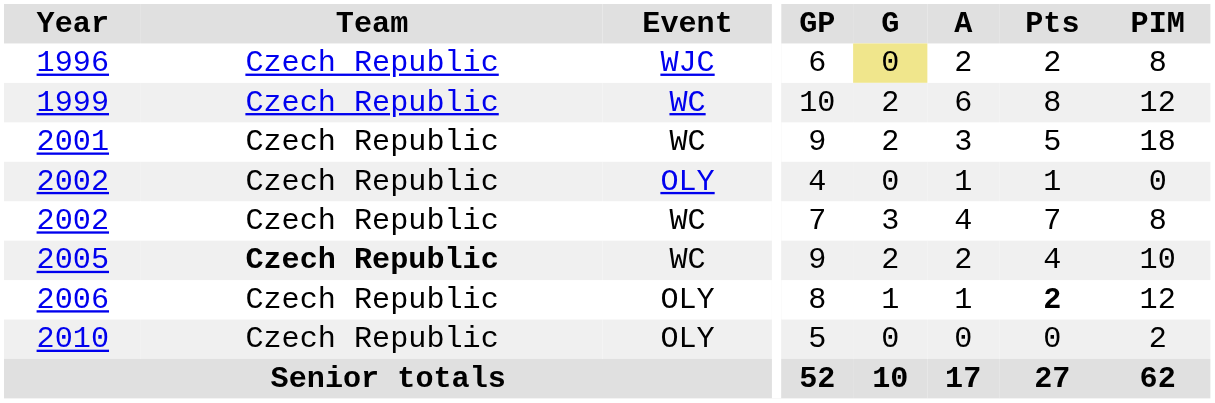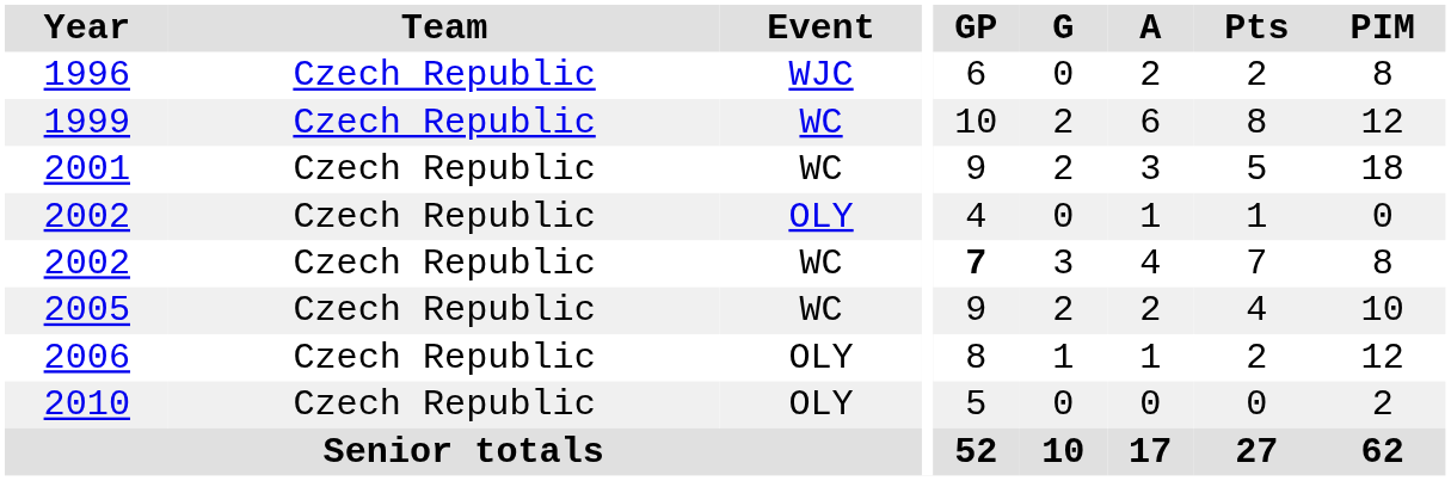 <table border="0" cellpadding="1" cellspacing="0" ID="Table3" style="text-align:center; width:40em">
 <tr bgcolor="#e0e0e0">
 <th>Year</th>
 <th>Team</th>
 <th>Event</th>
 <th rowspan="102" bgcolor="#ffffff"></th>
 <th>GP</th>
 <th>G</th>
 <th>A</th>
 <th>Pts</th>
 <th>PIM</th>
 </tr>
 <tr>
 <td><a href='#'>1996</a></td>
 <td><a href='#'>Czech Republic</a></td>
 <td><a href='#'>WJC</a></td>
 <td>6</td>
-<td style="background: khaki;">0</td>
+<td>0</td>
 <td>2</td>
 <td>2</td>
 <td>8</td>
 </tr>
 <tr bgcolor="#f0f0f0">
 <td><a href='#'>1999</a></td>
 <td><a href='#'>Czech Republic</a></td>
 <td><a href='#'>WC</a></td>
 <td>10</td>
 <td>2</td>
 <td>6</td>
 <td>8</td>
 <td>12</td>
 </tr>
 <tr>
 <td><a href='#'>2001</a></td>
 <td>Czech Republic</td>
 <td>WC</td>
 <td>9</td>
 <td>2</td>
 <td>3</td>
 <td>5</td>
 <td>18</td>
 </tr>
 <tr bgcolor="#f0f0f0">
 <td><a href='#'>2002</a></td>
 <td>Czech Republic</td>
 <td><a href='#'>OLY</a></td>
 <td>4</td>
 <td>0</td>
 <td>1</td>
 <td>1</td>
 <td>0</td>
 </tr>
 <tr>
 <td><a href='#'>2002</a></td>
 <td>Czech Republic</td>
 <td>WC</td>
-<td>7</td>
+<td><strong>7</strong></td>
 <td>3</td>
 <td>4</td>
 <td>7</td>
 <td>8</td>
 </tr>
 <tr bgcolor="#f0f0f0">
 <td><a href='#'>2005</a></td>
-<td><strong>Czech Republic</strong></td>
+<td>Czech Republic</td>
 <td>WC</td>
 <td>9</td>
 <td>2</td>
 <td>2</td>
 <td>4</td>
 <td>10</td>
 </tr>
 <tr>
 <td><a href='#'>2006</a></td>
 <td>Czech Republic</td>
 <td>OLY</td>
 <td>8</td>
 <td>1</td>
 <td>1</td>
-<td><strong>2</strong></td>
+<td>2</td>
 <td>12</td>
 </tr>
 <tr bgcolor="#f0f0f0">
 <td><a href='#'>2010</a></td>
 <td>Czech Republic</td>
 <td>OLY</td>
 <td>5</td>
 <td>0</td>
 <td>0</td>
 <td>0</td>
 <td>2</td>
 </tr>
 <tr bgcolor="#e0e0e0">
 <th colspan=3>Senior totals</th>
 <th>52</th>
 <th>10</th>
 <th>17</th>
 <th>27</th>
 <th>62</th>
 </tr>
 </table>
